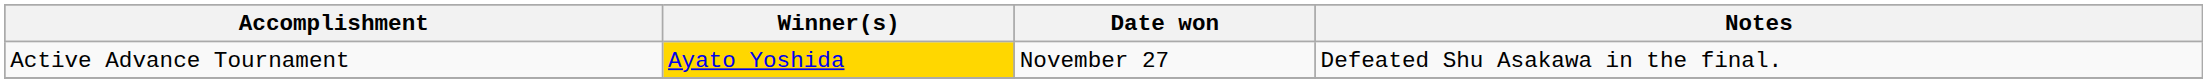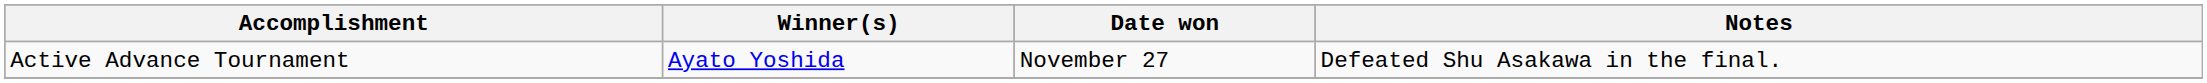 <table class="wikitable" style="width:100%;">
 <tr>
 <th>Accomplishment</th>
 <th>Winner(s)</th>
 <th>Date won</th>
 <th>Notes</th>
 </tr>
 <tr>
 <td>Active Advance Tournament</td>
-<td style="background: gold;"><a href='#'>Ayato Yoshida</a></td>
+<td><a href='#'>Ayato Yoshida</a></td>
 <td>November 27</td>
 <td>Defeated Shu Asakawa in the final.</td>
 </tr>
 <tr>
 </tr>
 </table>
